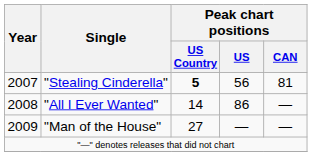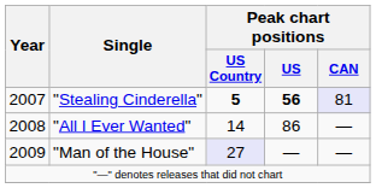 <table class="wikitable" style="text-align:center;">
 <tr>
 <th rowspan="2">Year</th>
 <th rowspan="2">Single</th>
 <th colspan="3">Peak chart positions</th>
 </tr>
 <tr style=font-size:smaller;>
 <th width="45"><a href='#'>US Country</a></th>
 <th width="45"><a href='#'>US</a></th>
 <th width="45"><a href='#'>CAN</a></th>
 </tr>
 <tr>
 <td>2007</td>
 <td align="left">"<a href='#'>Stealing Cinderella</a>"</td>
 <td><strong>5</strong></td>
-<td>56</td>
-<td>81</td>
+<td><strong>56</strong></td>
+<td style="background: lavender;">81</td>
 </tr>
 <tr>
 <td>2008</td>
 <td align="left">"<a href='#'>All I Ever Wanted</a>"</td>
 <td>14</td>
 <td>86</td>
 <td>—</td>
 </tr>
 <tr>
 <td>2009</td>
 <td align="left">"Man of the House"</td>
-<td>27</td>
+<td style="background: lavender;">27</td>
 <td>—</td>
 <td>—</td>
 </tr>
 <tr>
 <td colspan="5" style="font-size:8pt">"—" denotes releases that did not chart</td>
 </tr>
 <tr>
 </tr>
 </table>
